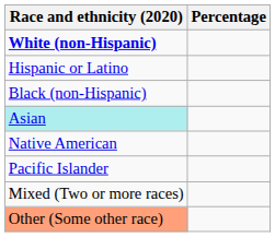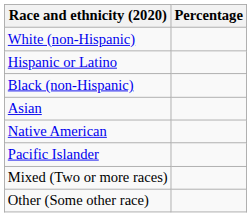 <table class="wikitable sortable collapsible"; text-align:right; font-size:80%;">
 <tr>
 <th>Race and ethnicity (2020)</th>
 <th colspan="2" data-sort-type=number>Percentage</th>
 </tr>
 <tr>
-<td><strong><a href='#'>White (non-Hispanic)</a></strong></td>
+<td><a href='#'>White (non-Hispanic)</a></td>
 <td align=right></td>
 </tr>
 <tr>
 <td><a href='#'>Hispanic or Latino</a></td>
 <td align=right></td>
 </tr>
 <tr>
 <td><a href='#'>Black (non-Hispanic)</a></td>
 <td align=right></td>
 </tr>
 <tr>
-<td style="background: paleturquoise;"><a href='#'>Asian</a></td>
+<td><a href='#'>Asian</a></td>
 <td align=right></td>
 </tr>
 <tr>
 <td><a href='#'>Native American</a></td>
 <td align=right></td>
 </tr>
 <tr>
 <td><a href='#'>Pacific Islander</a></td>
 <td align=right></td>
 </tr>
 <tr>
 <td>Mixed (Two or more races)</td>
 <td align=right></td>
 </tr>
 <tr>
-<td style="background: lightsalmon;">Other (Some other race)</td>
+<td>Other (Some other race)</td>
 <td align=right></td>
 </tr>
 </table>
